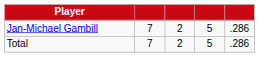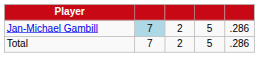 <table class="wikitable" style="text-align:center">
 <tr>
 <th style="background:#C80815; color:white" width="200px">Player</th>
 <th style="background:#C80815; color:white" width="40px"></th>
 <th style="background:#C80815; color:white" width="40px"></th>
 <th style="background:#C80815; color:white" width="40px"></th>
 <th style="background:#C80815; color:white" width="40px"></th>
 </tr>
 <tr>
 <td style="text-align:left"><a href='#'>Jan-Michael Gambill</a></td>
-<td>7</td>
+<td style="background: lightblue;">7</td>
 <td>2</td>
 <td>5</td>
 <td>.286</td>
 </tr>
 <tr>
 <td style="text-align:left">Total</td>
 <td>7</td>
 <td>2</td>
 <td>5</td>
 <td>.286</td>
 </tr>
 </table>
